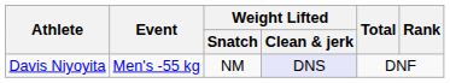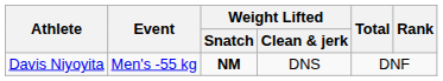 <table class=wikitable style="text-align:center; font-size:90%">
 <tr>
 <th rowspan="2">Athlete</th>
 <th rowspan="2">Event</th>
 <th colspan="2">Weight Lifted</th>
 <th rowspan="2">Total</th>
 <th rowspan="2">Rank</th>
 </tr>
 <tr>
 <th>Snatch</th>
 <th>Clean & jerk</th>
 </tr>
 <tr>
 <td align=left><a href='#'>Davis Niyoyita</a></td>
 <td align=left><a href='#'>Men's -55 kg</a></td>
-<td>NM</td>
-<td style="background: lavender;">DNS</td>
+<td><strong>NM</strong></td>
+<td>DNS</td>
 <td colspan=2>DNF</td>
 </tr>
 </table>
